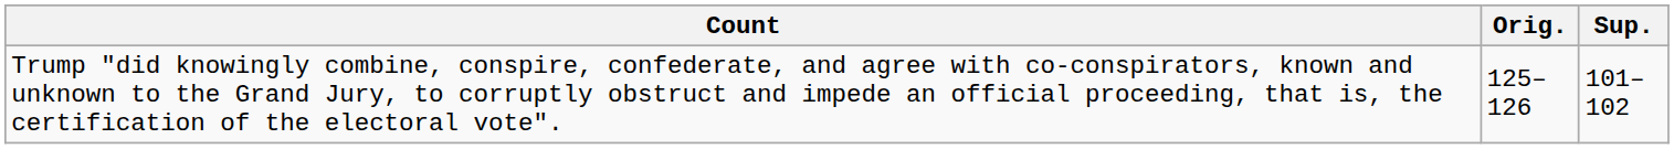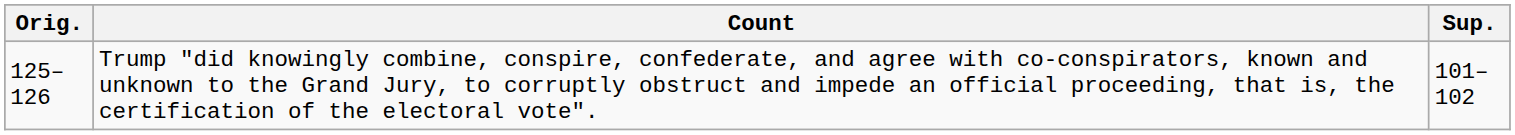 <table class="wikitable">
 <tr>
+<th>Orig.</th>
 <th>Count</th>
-<th>Orig.</th>
 <th>Sup.</th>
 </tr>
 <tr>
+<td>125–126</td>
 <td>Trump "did knowingly combine, conspire, confederate, and agree with co-conspirators, known and unknown to the Grand Jury, to corruptly obstruct and impede an official proceeding, that is, the certification of the electoral vote".</td>
-<td>125–126</td>
 <td>101–102</td>
 </tr>
 </table>
